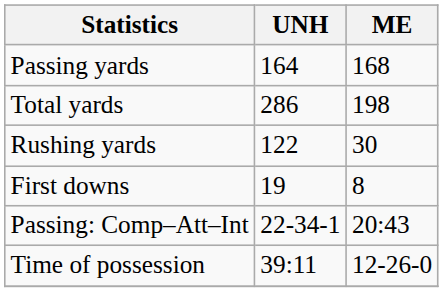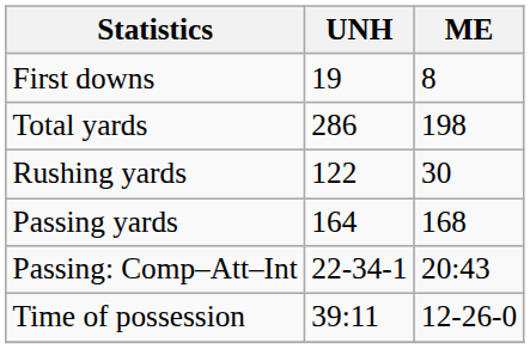 <table class="wikitable" style="float: left;">
 <tr>
 <th>Statistics</th>
 <th>UNH</th>
 <th>ME</th>
 </tr>
 <tr>
-<td>Passing yards</td>
-<td>164</td>
-<td>168</td>
+<td>First downs</td>
+<td>19</td>
+<td>8</td>
 </tr>
 <tr>
 <td>Total yards</td>
 <td>286</td>
 <td>198</td>
 </tr>
 <tr>
 <td>Rushing yards</td>
 <td>122</td>
 <td>30</td>
 </tr>
 <tr>
-<td>First downs</td>
-<td>19</td>
-<td>8</td>
+<td>Passing yards</td>
+<td>164</td>
+<td>168</td>
 </tr>
 <tr>
 <td>Passing: Comp–Att–Int</td>
 <td>22-34-1</td>
 <td>20:43</td>
 </tr>
 <tr>
 <td>Time of possession</td>
 <td>39:11</td>
 <td>12-26-0</td>
 </tr>
 <tr>
 </tr>
 </table>
